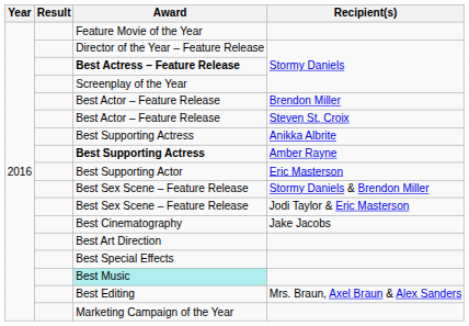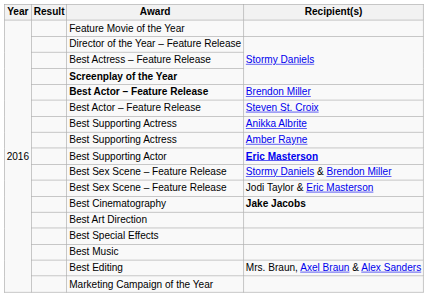 <table class="wikitable">
 <tr>
 <th>Year</th>
 <th>Result</th>
 <th>Award</th>
 <th>Recipient(s)</th>
 </tr>
 <tr>
 <td rowspan="17">2016</td>
 <td></td>
 <td>Feature Movie of the Year</td>
 <td></td>
 </tr>
 <tr>
 <td></td>
 <td>Director of the Year – Feature Release</td>
 <td rowspan="3"><a href='#'>Stormy Daniels</a></td>
 </tr>
 <tr>
 <td></td>
-<td><strong>Best Actress – Feature Release</strong></td>
+<td>Best Actress – Feature Release</td>
 </tr>
 <tr>
 <td></td>
-<td>Screenplay of the Year</td>
+<td><strong>Screenplay of the Year</strong></td>
 </tr>
 <tr>
 <td></td>
-<td>Best Actor – Feature Release</td>
+<td><strong>Best Actor – Feature Release</strong></td>
 <td><a href='#'>Brendon Miller</a></td>
 </tr>
 <tr>
 <td></td>
 <td>Best Actor – Feature Release</td>
 <td><a href='#'>Steven St. Croix</a></td>
 </tr>
 <tr>
 <td></td>
 <td>Best Supporting Actress</td>
 <td><a href='#'>Anikka Albrite</a></td>
 </tr>
 <tr>
 <td></td>
-<td><strong>Best Supporting Actress</strong></td>
+<td>Best Supporting Actress</td>
 <td><a href='#'>Amber Rayne</a></td>
 </tr>
 <tr>
 <td></td>
 <td>Best Supporting Actor</td>
-<td><a href='#'>Eric Masterson</a></td>
+<td><strong><a href='#'>Eric Masterson</a></strong></td>
 </tr>
 <tr>
 <td></td>
 <td>Best Sex Scene – Feature Release</td>
 <td><a href='#'>Stormy Daniels</a> & <a href='#'>Brendon Miller</a></td>
 </tr>
 <tr>
 <td></td>
 <td>Best Sex Scene – Feature Release</td>
 <td>Jodi Taylor & <a href='#'>Eric Masterson</a></td>
 </tr>
 <tr>
 <td></td>
 <td>Best Cinematography</td>
-<td>Jake Jacobs</td>
+<td><strong>Jake Jacobs</strong></td>
 </tr>
 <tr>
 <td></td>
 <td>Best Art Direction</td>
 <td></td>
 </tr>
 <tr>
 <td></td>
 <td>Best Special Effects</td>
 <td></td>
 </tr>
 <tr>
 <td></td>
-<td style="background: paleturquoise;">Best Music</td>
+<td>Best Music</td>
 <td></td>
 </tr>
 <tr>
 <td></td>
 <td>Best Editing</td>
 <td>Mrs. Braun, <a href='#'>Axel Braun</a> & <a href='#'>Alex Sanders</a></td>
 </tr>
 <tr>
 <td></td>
 <td>Marketing Campaign of the Year</td>
 <td></td>
 </tr>
 </table>
